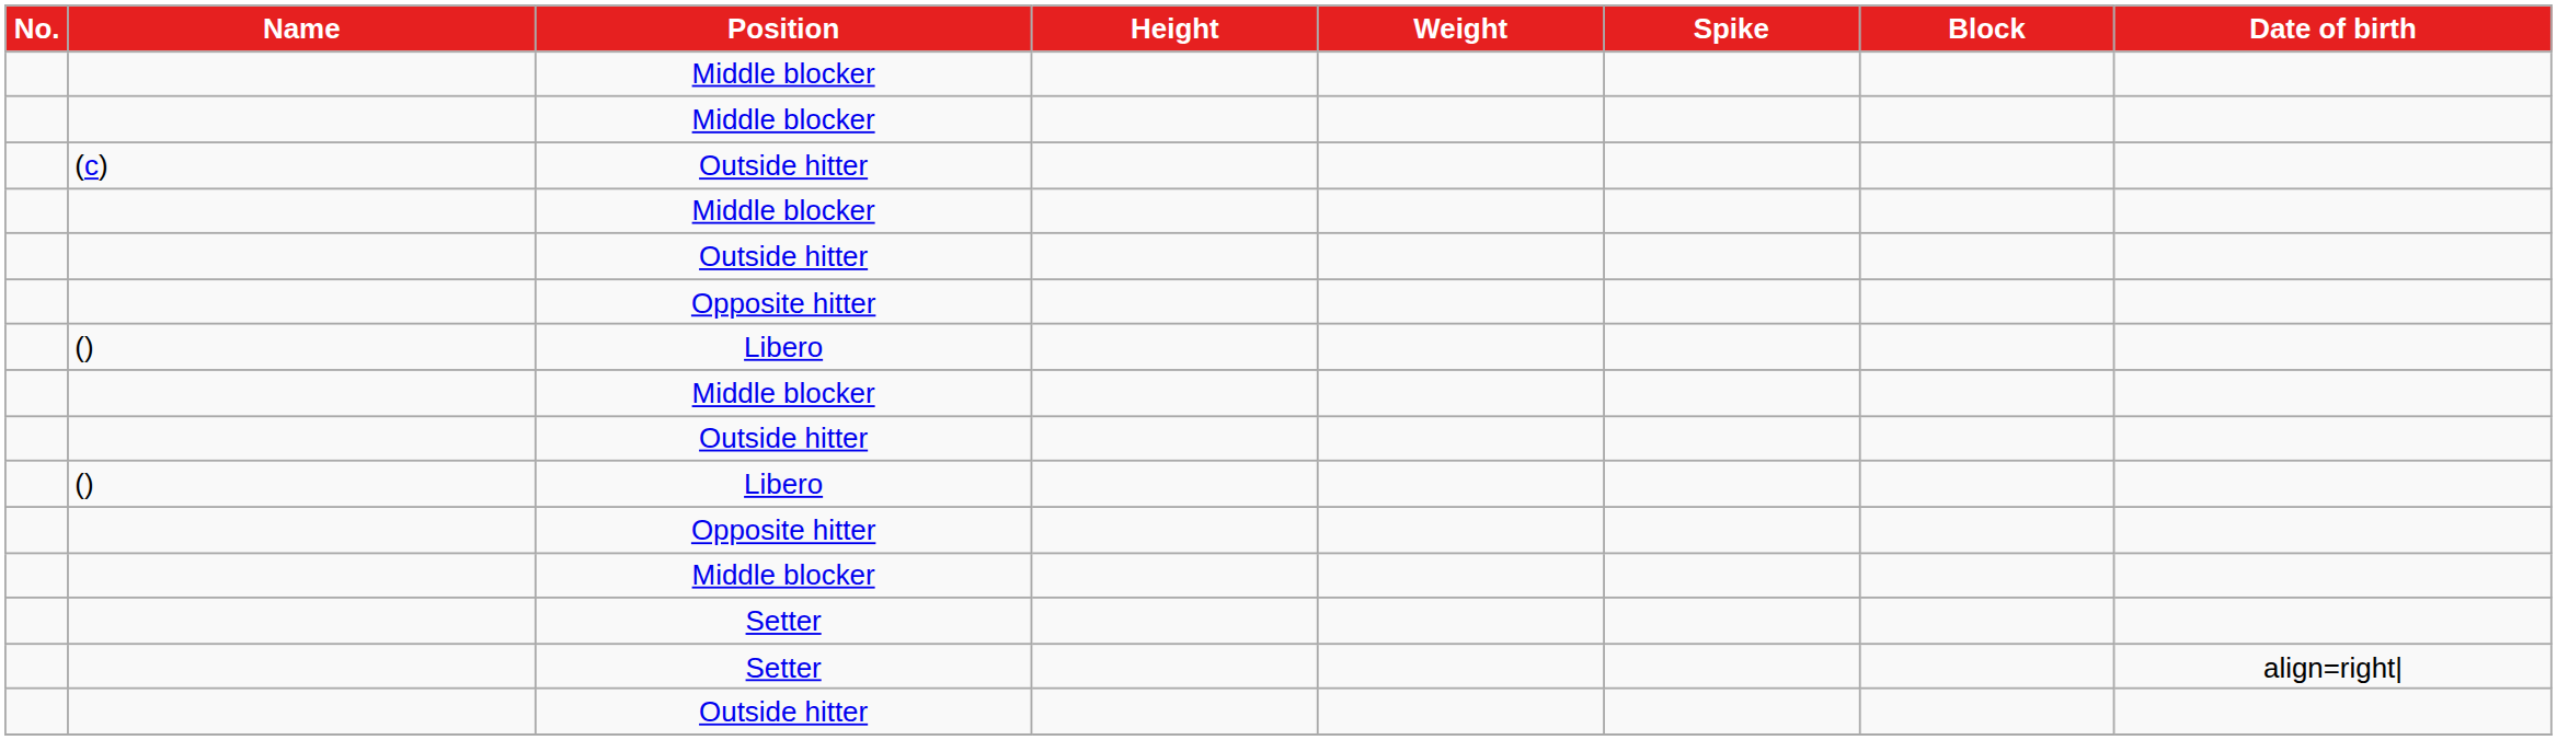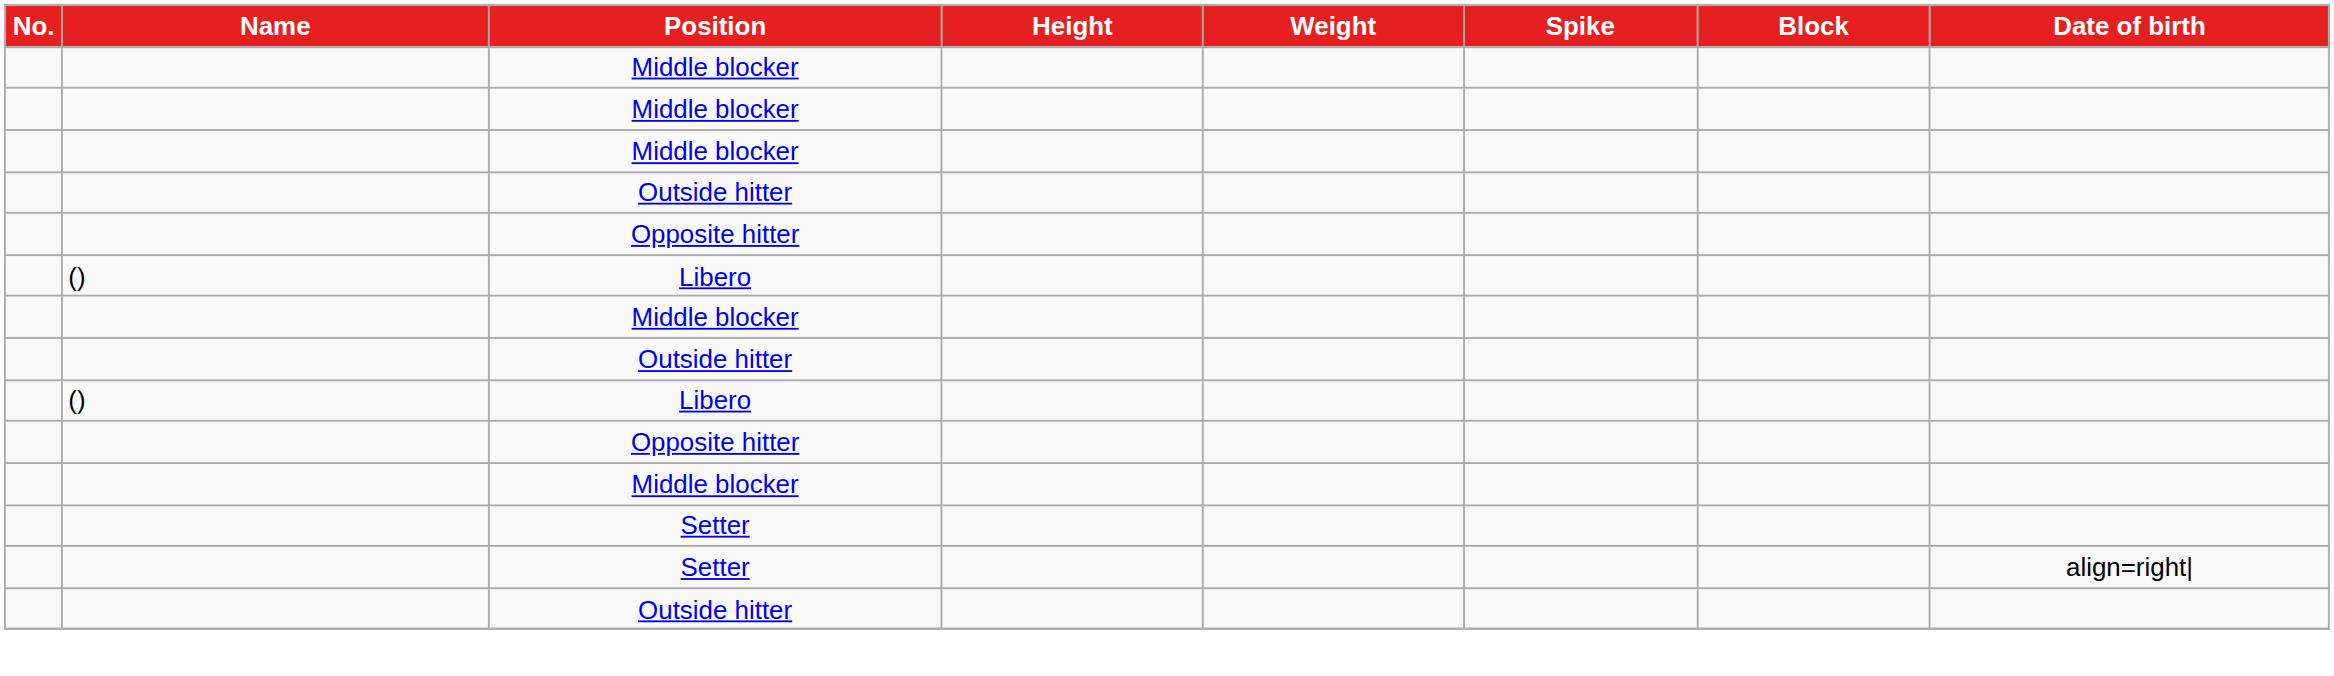 <table class="wikitable sortable" style="font-size:88%; text-align:center; width:100%;">
 <tr>
 <th style="width:1em; background:#E62020; color:white;">No.</th>
 <th style="width:15em; background:#E62020; color:white;">Name</th>
 <th style="width:16em; background:#E62020; color:white;">Position</th>
 <th style="width:9em; background:#E62020; color:white;">Height</th>
 <th style="width:9em; background:#E62020; color:white;">Weight</th>
 <th style="width:8em; background:#E62020; color:white;">Spike</th>
 <th style="width:8em; background:#E62020; color:white;">Block</th>
 <th style="width:14em; background:#E62020; color:white;">Date of birth</th>
 </tr>
 <tr>
 <td></td>
 <td align=left> </td>
 <td><a href='#'>Middle blocker</a></td>
 <td></td>
 <td></td>
 <td></td>
 <td></td>
 <td></td>
 </tr>
 <tr>
 <td></td>
 <td align=left> </td>
 <td><a href='#'>Middle blocker</a></td>
 <td></td>
 <td></td>
 <td></td>
 <td></td>
 <td></td>
-</tr>
-<tr>
-<td></td>
-<td align=left>  (<a href='#'>c</a>)</td>
-<td><a href='#'>Outside hitter</a></td>
-<td></td>
-<td></td>
-<td></td>
-<td></td>
-<td align=right></td>
 </tr>
 <tr>
 <td></td>
 <td align=left> </td>
 <td><a href='#'>Middle blocker</a></td>
 <td></td>
 <td></td>
 <td></td>
 <td></td>
 <td align=right></td>
 </tr>
 <tr>
 <td></td>
 <td align=left> </td>
 <td><a href='#'>Outside hitter</a></td>
 <td></td>
 <td></td>
 <td></td>
 <td></td>
 <td align=right></td>
 </tr>
 <tr>
 <td></td>
 <td align=left> </td>
 <td><a href='#'>Opposite hitter</a></td>
 <td></td>
 <td></td>
 <td></td>
 <td></td>
 <td align=right></td>
 </tr>
 <tr>
 <td></td>
 <td align=left>  ()</td>
 <td><a href='#'>Libero</a></td>
 <td></td>
 <td></td>
 <td></td>
 <td></td>
 <td align=right></td>
 </tr>
 <tr>
 <td></td>
 <td align=left> </td>
 <td><a href='#'>Middle blocker</a></td>
 <td></td>
 <td></td>
 <td></td>
 <td></td>
 <td align=right></td>
 </tr>
 <tr>
 <td></td>
 <td align=left> </td>
 <td><a href='#'>Outside hitter</a></td>
 <td></td>
 <td></td>
 <td></td>
 <td></td>
 <td align=right></td>
 </tr>
 <tr>
 <td></td>
 <td align=left>  ()</td>
 <td><a href='#'>Libero</a></td>
 <td></td>
 <td></td>
 <td></td>
 <td></td>
 <td align=right></td>
 </tr>
 <tr>
 <td></td>
 <td align=left> </td>
 <td><a href='#'>Opposite hitter</a></td>
 <td></td>
 <td></td>
 <td></td>
 <td></td>
 <td align=right></td>
 </tr>
 <tr>
 <td></td>
 <td align=left> </td>
 <td><a href='#'>Middle blocker</a></td>
 <td></td>
 <td></td>
 <td></td>
 <td></td>
 <td align=right></td>
 </tr>
 <tr>
 <td></td>
 <td align=left> </td>
 <td><a href='#'>Setter</a></td>
 <td></td>
 <td></td>
 <td></td>
 <td></td>
 <td align=right></td>
 </tr>
 <tr>
 <td></td>
 <td align=left> </td>
 <td><a href='#'>Setter</a></td>
 <td></td>
 <td></td>
 <td></td>
 <td></td>
 <td>align=right|</td>
 </tr>
 <tr>
 <td></td>
 <td align=left> </td>
 <td><a href='#'>Outside hitter</a></td>
 <td></td>
 <td></td>
 <td></td>
 <td></td>
 <td align=right></td>
 </tr>
 <tr>
 </tr>
 </table>
